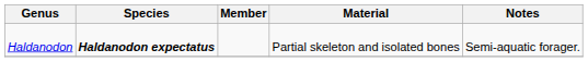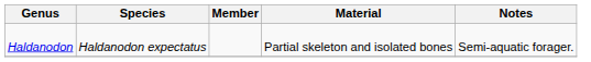 <table class="wikitable" align="center">
 <tr>
 <th>Genus</th>
 <th>Species</th>
 <th>Member</th>
 <th>Material</th>
 <th>Notes</th>
 </tr>
 <tr>
 <td rowspan =1><br><em><a href='#'>Haldanodon</a></em></td>
-<td><strong><br><em>Haldanodon expectatus</em></strong></td>
+<td><br><em>Haldanodon expectatus</em></td>
 <td></td>
 <td><br>Partial skeleton and isolated bones</td>
 <td><br>Semi-aquatic forager.</td>
 </tr>
 <tr>
 </tr>
 </table>
